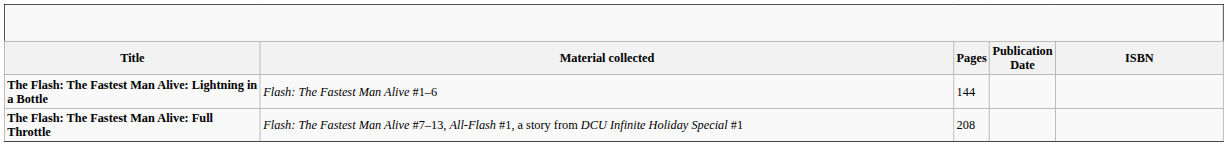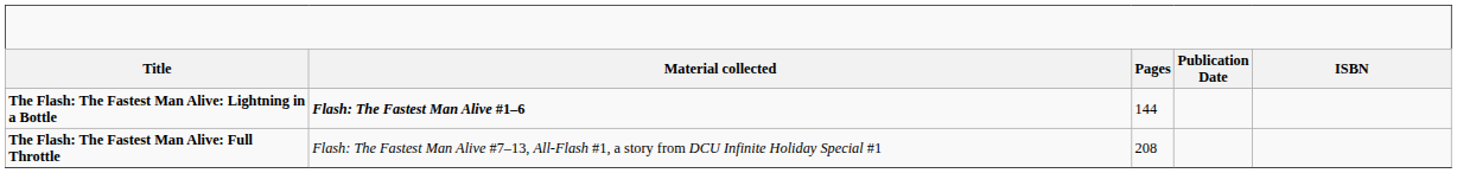 <table width="100%" class="wikitable sortable" style="padding:0px 0px 0px 25px; border:1px solid #212121;">
 <tr style="height: 3em;">
 </tr>
 <tr>
 <th ! width="21%">Title</th>
 <th>Material collected</th>
 <th class="unsortable" width="1%">Pages</th>
 <th width="1%">Publication Date</th>
 <th width="13.77%">ISBN</th>
 </tr>
 <tr>
 <td><strong>The Flash: The Fastest Man Alive: Lightning in a Bottle</strong></td>
-<td><em>Flash: The Fastest Man Alive</em> #1–6</td>
+<td><strong><em>Flash: The Fastest Man Alive</em> #1–6</strong></td>
 <td>144</td>
 <td></td>
 <td align="right"></td>
 </tr>
 <tr>
 <td><strong>The Flash: The Fastest Man Alive: Full Throttle</strong></td>
 <td><em>Flash: The Fastest Man Alive</em> #7–13, <em>All-Flash</em> #1, a story from <em>DCU Infinite Holiday Special</em> #1</td>
 <td>208</td>
 <td></td>
 <td align="right"></td>
 </tr>
 <tr>
 </tr>
 </table>
